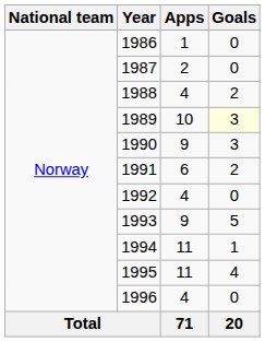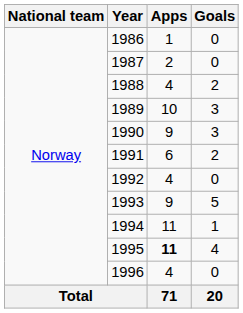 <table class="wikitable" style="text-align:center">
 <tr>
 <th>National team</th>
 <th>Year</th>
 <th>Apps</th>
 <th>Goals</th>
 </tr>
 <tr>
 <td rowspan="11"><a href='#'>Norway</a></td>
 <td>1986</td>
 <td>1</td>
 <td>0</td>
 </tr>
 <tr>
 <td>1987</td>
 <td>2</td>
 <td>0</td>
 </tr>
 <tr>
 <td>1988</td>
 <td>4</td>
 <td>2</td>
 </tr>
 <tr>
 <td>1989</td>
 <td>10</td>
-<td style="background: lightyellow;">3</td>
+<td>3</td>
 </tr>
 <tr>
 <td>1990</td>
 <td>9</td>
 <td>3</td>
 </tr>
 <tr>
 <td>1991</td>
 <td>6</td>
 <td>2</td>
 </tr>
 <tr>
 <td>1992</td>
 <td>4</td>
 <td>0</td>
 </tr>
 <tr>
 <td>1993</td>
 <td>9</td>
 <td>5</td>
 </tr>
 <tr>
 <td>1994</td>
 <td>11</td>
 <td>1</td>
 </tr>
 <tr>
 <td>1995</td>
-<td>11</td>
+<td><strong>11</strong></td>
 <td>4</td>
 </tr>
 <tr>
 <td>1996</td>
 <td>4</td>
 <td>0</td>
 </tr>
 <tr>
 <th colspan="2">Total</th>
 <th>71</th>
 <th>20</th>
 </tr>
 </table>
